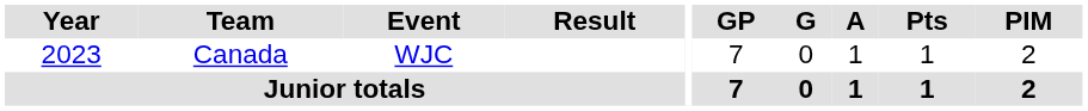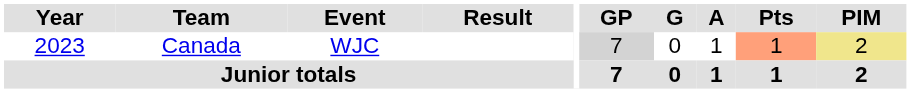 <table border="0" cellpadding="1" cellspacing="0" ID="Table3" style="text-align:center; width:40em">
 <tr bgcolor="#e0e0e0">
 <th>Year</th>
 <th>Team</th>
 <th>Event</th>
 <th>Result</th>
 <th rowspan="99" bgcolor="#ffffff"></th>
 <th>GP</th>
 <th>G</th>
 <th>A</th>
 <th>Pts</th>
 <th>PIM</th>
 </tr>
 <tr>
 <td><a href='#'>2023</a></td>
 <td><a href='#'>Canada</a></td>
 <td><a href='#'>WJC</a></td>
 <td></td>
-<td>7</td>
+<td style="background: lightgrey;">7</td>
 <td>0</td>
 <td>1</td>
-<td>1</td>
-<td>2</td>
+<td style="background: lightsalmon;">1</td>
+<td style="background: khaki;">2</td>
 </tr>
 <tr bgcolor="#e0e0e0">
 <th colspan="4">Junior totals</th>
 <th>7</th>
 <th>0</th>
 <th>1</th>
 <th>1</th>
 <th>2</th>
 </tr>
 </table>
